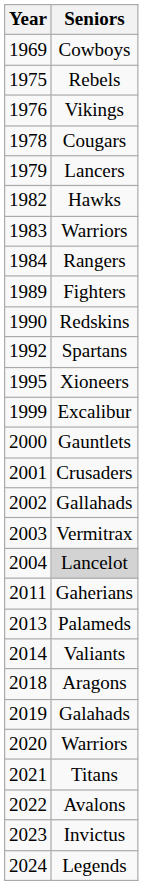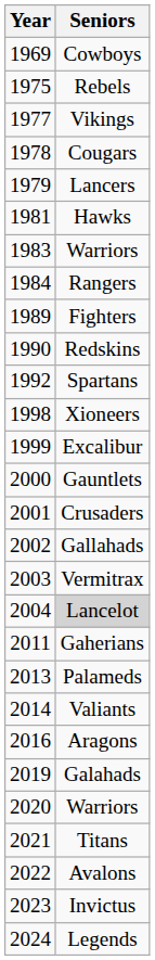 <table class="wikitable mw-collapsible" style="text-align: center;">
 <tr>
 <th>Year</th>
 <th>Seniors</th>
 </tr>
 <tr>
 <td>1969</td>
 <td>Cowboys</td>
 </tr>
 <tr>
 <td>1975</td>
 <td>Rebels</td>
 </tr>
 <tr>
-<td>1976</td>
+<td>1977</td>
 <td>Vikings</td>
 </tr>
 <tr>
 <td>1978</td>
 <td>Cougars</td>
 </tr>
 <tr>
 <td>1979</td>
 <td>Lancers</td>
 </tr>
 <tr>
-<td>1982</td>
+<td>1981</td>
 <td>Hawks</td>
 </tr>
 <tr>
 <td>1983</td>
 <td>Warriors</td>
 </tr>
 <tr>
 <td>1984</td>
 <td>Rangers</td>
 </tr>
 <tr>
 <td>1989</td>
 <td>Fighters</td>
 </tr>
 <tr>
 <td>1990</td>
 <td>Redskins</td>
 </tr>
 <tr>
 <td>1992</td>
 <td>Spartans</td>
 </tr>
 <tr>
-<td>1995</td>
+<td>1998</td>
 <td>Xioneers</td>
 </tr>
 <tr>
 <td>1999</td>
 <td>Excalibur</td>
 </tr>
 <tr>
 <td>2000</td>
 <td>Gauntlets</td>
 </tr>
 <tr>
 <td>2001</td>
 <td>Crusaders</td>
 </tr>
 <tr>
 <td>2002</td>
 <td>Gallahads</td>
 </tr>
 <tr>
 <td>2003</td>
 <td>Vermitrax</td>
 </tr>
 <tr>
 <td>2004</td>
 <td style="background: lightgrey;">Lancelot</td>
 </tr>
 <tr>
 <td>2011</td>
 <td>Gaherians</td>
 </tr>
 <tr>
 <td>2013</td>
 <td>Palameds</td>
 </tr>
 <tr>
 <td>2014</td>
 <td>Valiants</td>
 </tr>
 <tr>
-<td>2018</td>
+<td>2016</td>
 <td>Aragons</td>
 </tr>
 <tr>
 <td>2019</td>
 <td>Galahads</td>
 </tr>
 <tr>
 <td>2020</td>
 <td>Warriors</td>
 </tr>
 <tr>
 <td>2021</td>
 <td>Titans</td>
 </tr>
 <tr>
 <td>2022</td>
 <td>Avalons</td>
 </tr>
 <tr>
 <td>2023</td>
 <td>Invictus</td>
 </tr>
 <tr>
 <td>2024</td>
 <td>Legends</td>
 </tr>
 </table>
